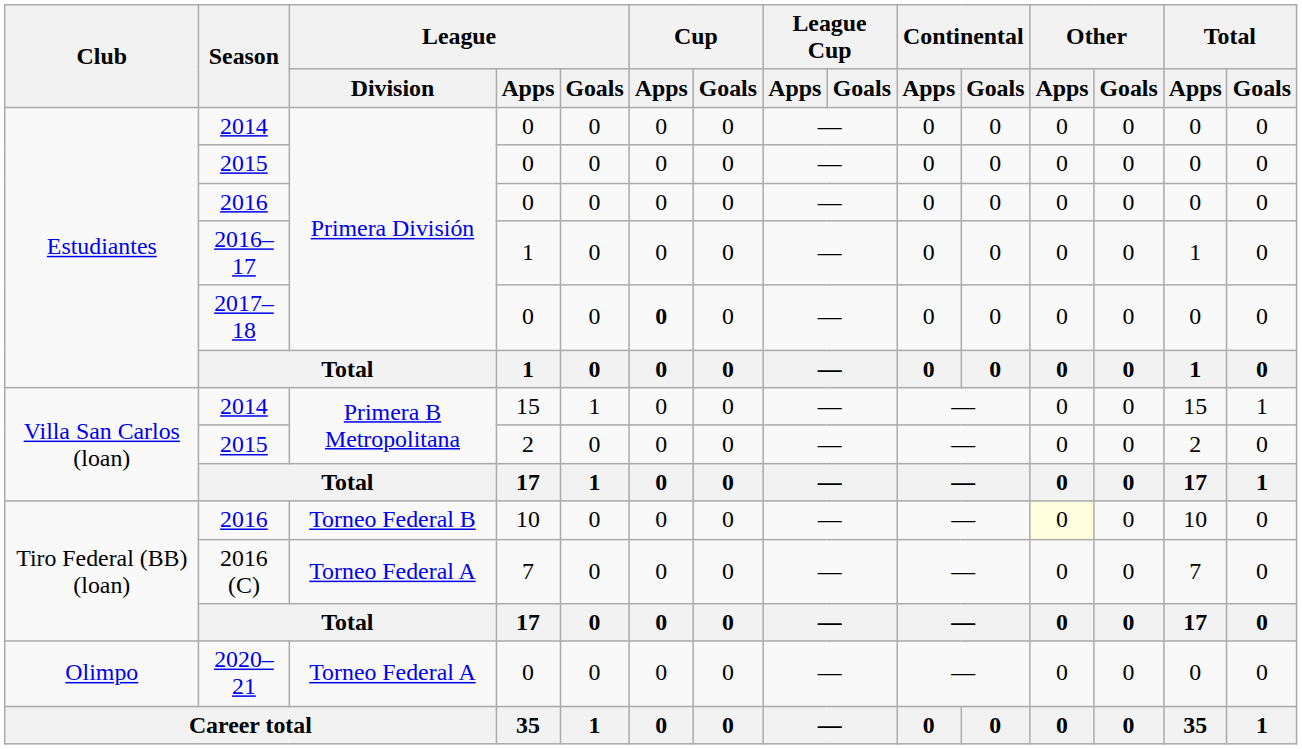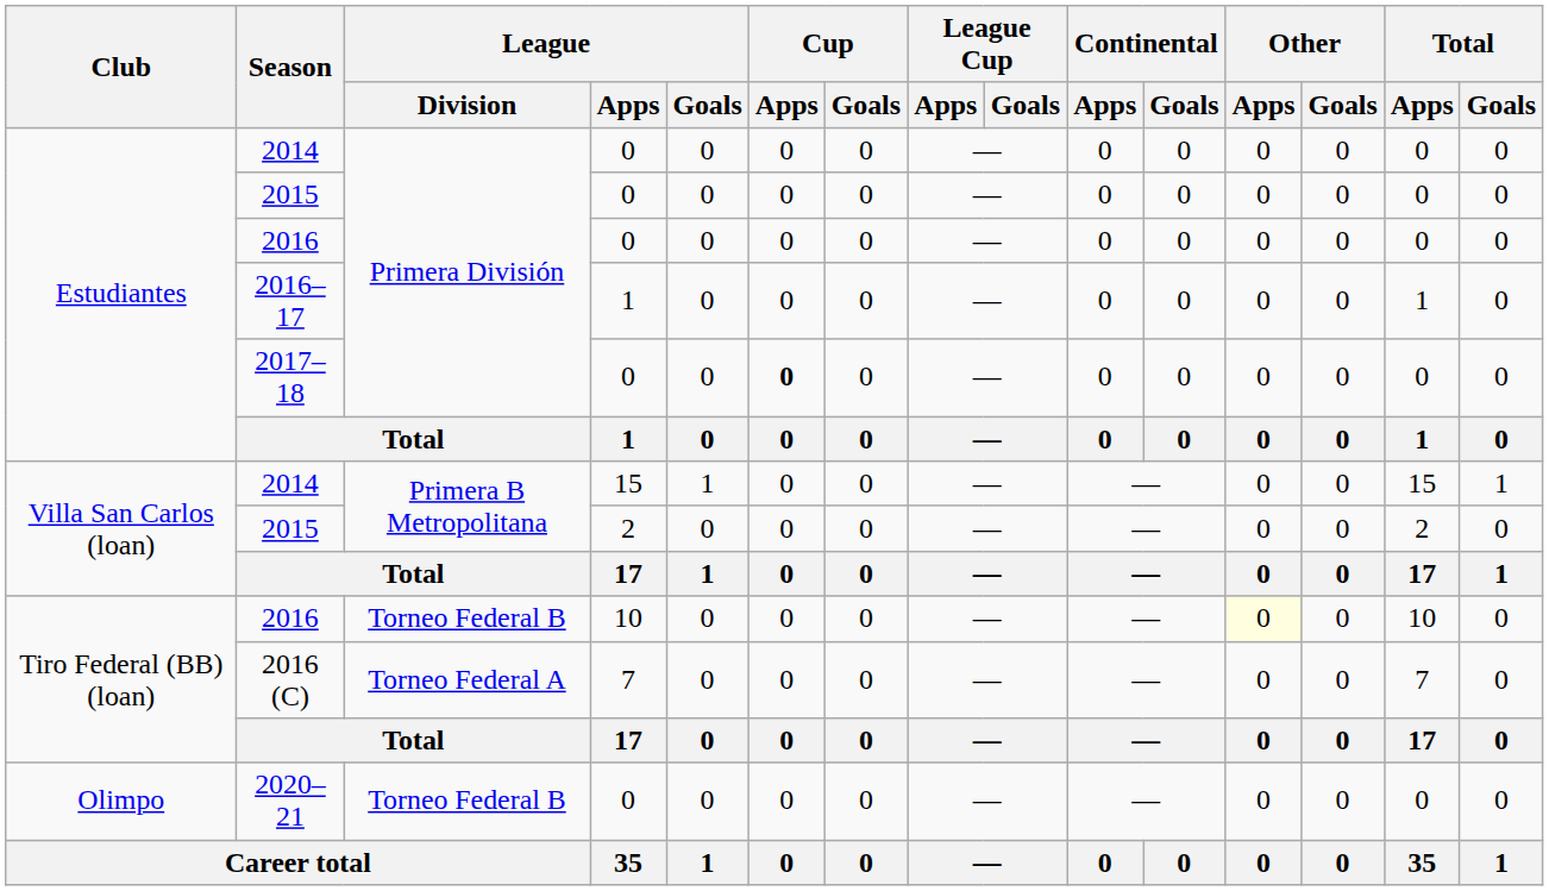 <table class="wikitable" style="text-align:center">
 <tr>
 <th rowspan="2">Club</th>
 <th rowspan="2">Season</th>
 <th colspan="3">League</th>
 <th colspan="2">Cup</th>
 <th colspan="2">League Cup</th>
 <th colspan="2">Continental</th>
 <th colspan="2">Other</th>
 <th colspan="2">Total</th>
 </tr>
 <tr>
 <th>Division</th>
 <th>Apps</th>
 <th>Goals</th>
 <th>Apps</th>
 <th>Goals</th>
 <th>Apps</th>
 <th>Goals</th>
 <th>Apps</th>
 <th>Goals</th>
 <th>Apps</th>
 <th>Goals</th>
 <th>Apps</th>
 <th>Goals</th>
 </tr>
 <tr>
 <td rowspan="6"><a href='#'>Estudiantes</a></td>
 <td><a href='#'>2014</a></td>
 <td rowspan="5"><a href='#'>Primera División</a></td>
 <td>0</td>
 <td>0</td>
 <td>0</td>
 <td>0</td>
 <td colspan="2">—</td>
 <td>0</td>
 <td>0</td>
 <td>0</td>
 <td>0</td>
 <td>0</td>
 <td>0</td>
 </tr>
 <tr>
 <td><a href='#'>2015</a></td>
 <td>0</td>
 <td>0</td>
 <td>0</td>
 <td>0</td>
 <td colspan="2">—</td>
 <td>0</td>
 <td>0</td>
 <td>0</td>
 <td>0</td>
 <td>0</td>
 <td>0</td>
 </tr>
 <tr>
 <td><a href='#'>2016</a></td>
 <td>0</td>
 <td>0</td>
 <td>0</td>
 <td>0</td>
 <td colspan="2">—</td>
 <td>0</td>
 <td>0</td>
 <td>0</td>
 <td>0</td>
 <td>0</td>
 <td>0</td>
 </tr>
 <tr>
 <td><a href='#'>2016–17</a></td>
 <td>1</td>
 <td>0</td>
 <td>0</td>
 <td>0</td>
 <td colspan="2">—</td>
 <td>0</td>
 <td>0</td>
 <td>0</td>
 <td>0</td>
 <td>1</td>
 <td>0</td>
 </tr>
 <tr>
 <td><a href='#'>2017–18</a></td>
 <td>0</td>
 <td>0</td>
 <td><strong>0</strong></td>
 <td>0</td>
 <td colspan="2">—</td>
 <td>0</td>
 <td>0</td>
 <td>0</td>
 <td>0</td>
 <td>0</td>
 <td>0</td>
 </tr>
 <tr>
 <th colspan="2">Total</th>
 <th>1</th>
 <th>0</th>
 <th>0</th>
 <th>0</th>
 <th colspan="2">—</th>
 <th>0</th>
 <th>0</th>
 <th>0</th>
 <th>0</th>
 <th>1</th>
 <th>0</th>
 </tr>
 <tr>
 <td rowspan="3"><a href='#'>Villa San Carlos</a> (loan)</td>
 <td><a href='#'>2014</a></td>
 <td rowspan="2"><a href='#'>Primera B Metropolitana</a></td>
 <td>15</td>
 <td>1</td>
 <td>0</td>
 <td>0</td>
 <td colspan="2">—</td>
 <td colspan="2">—</td>
 <td>0</td>
 <td>0</td>
 <td>15</td>
 <td>1</td>
 </tr>
 <tr>
 <td><a href='#'>2015</a></td>
 <td>2</td>
 <td>0</td>
 <td>0</td>
 <td>0</td>
 <td colspan="2">—</td>
 <td colspan="2">—</td>
 <td>0</td>
 <td>0</td>
 <td>2</td>
 <td>0</td>
 </tr>
 <tr>
 <th colspan="2">Total</th>
 <th>17</th>
 <th>1</th>
 <th>0</th>
 <th>0</th>
 <th colspan="2">—</th>
 <th colspan="2">—</th>
 <th>0</th>
 <th>0</th>
 <th>17</th>
 <th>1</th>
 </tr>
 <tr>
 <td rowspan="3">Tiro Federal (BB) (loan)</td>
 <td><a href='#'>2016</a></td>
 <td rowspan="1"><a href='#'>Torneo Federal B</a></td>
 <td>10</td>
 <td>0</td>
 <td>0</td>
 <td>0</td>
 <td colspan="2">—</td>
 <td colspan="2">—</td>
 <td style="background: lightyellow;">0</td>
 <td>0</td>
 <td>10</td>
 <td>0</td>
 </tr>
 <tr>
 <td>2016 (C)</td>
 <td rowspan="1"><a href='#'>Torneo Federal A</a></td>
 <td>7</td>
 <td>0</td>
 <td>0</td>
 <td>0</td>
 <td colspan="2">—</td>
 <td colspan="2">—</td>
 <td>0</td>
 <td>0</td>
 <td>7</td>
 <td>0</td>
 </tr>
 <tr>
 <th colspan="2">Total</th>
 <th>17</th>
 <th>0</th>
 <th>0</th>
 <th>0</th>
 <th colspan="2">—</th>
 <th colspan="2">—</th>
 <th>0</th>
 <th>0</th>
 <th>17</th>
 <th>0</th>
 </tr>
 <tr>
 <td rowspan="1"><a href='#'>Olimpo</a></td>
 <td><a href='#'>2020–21</a></td>
-<td rowspan="1"><a href='#'>Torneo Federal A</a></td>
+<td rowspan="1"><a href='#'>Torneo Federal B</a></td>
 <td>0</td>
 <td>0</td>
 <td>0</td>
 <td>0</td>
 <td colspan="2">—</td>
 <td colspan="2">—</td>
 <td>0</td>
 <td>0</td>
 <td>0</td>
 <td>0</td>
 </tr>
 <tr>
 <th colspan="3">Career total</th>
 <th>35</th>
 <th>1</th>
 <th>0</th>
 <th>0</th>
 <th colspan="2">—</th>
 <th>0</th>
 <th>0</th>
 <th>0</th>
 <th>0</th>
 <th>35</th>
 <th>1</th>
 </tr>
 </table>
